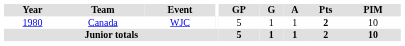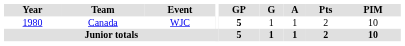 <table border="0" cellpadding="1" cellspacing="0" ID="Table3" style="text-align:center; width:40em">
 <tr bgcolor="#e0e0e0">
 <th>Year</th>
 <th>Team</th>
 <th>Event</th>
 <th rowspan="102" bgcolor="#ffffff"></th>
 <th>GP</th>
 <th>G</th>
 <th>A</th>
 <th>Pts</th>
 <th>PIM</th>
 </tr>
 <tr>
 <td><a href='#'>1980</a></td>
 <td><a href='#'>Canada</a></td>
 <td><a href='#'>WJC</a></td>
-<td>5</td>
+<td><strong>5</strong></td>
 <td>1</td>
 <td>1</td>
-<td><strong>2</strong></td>
+<td>2</td>
 <td>10</td>
 </tr>
 <tr bgcolor="#e0e0e0">
 <th colspan="4">Junior totals</th>
 <th>5</th>
 <th>1</th>
 <th>1</th>
 <th>2</th>
 <th>10</th>
 </tr>
 </table>
